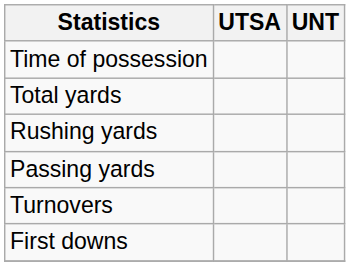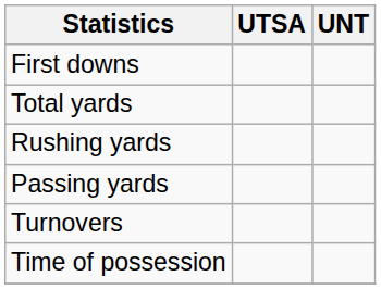 <table class="wikitable" style="float: left;">
 <tr>
 <th>Statistics</th>
 <th>UTSA</th>
 <th>UNT</th>
 </tr>
 <tr>
-<td>Time of possession</td>
+<td>First downs</td>
 <td></td>
 <td></td>
 </tr>
 <tr>
 <td>Total yards</td>
 <td></td>
 <td></td>
 </tr>
 <tr>
 <td>Rushing yards</td>
 <td></td>
 <td></td>
 </tr>
 <tr>
 <td>Passing yards</td>
 <td></td>
 <td></td>
 </tr>
 <tr>
 <td>Turnovers</td>
 <td></td>
 <td></td>
 </tr>
 <tr>
-<td>First downs</td>
+<td>Time of possession</td>
 <td></td>
 <td></td>
 </tr>
 <tr>
 </tr>
 </table>
